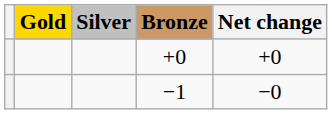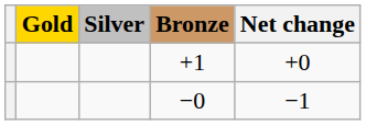 <table class="wikitable plainrowheaders sortable" style="text-align:center">
 <tr>
 <th scope="col"></th>
 <th scope="col" style="background-color:gold">Gold</th>
 <th scope="col" style="background-color:silver">Silver</th>
 <th scope="col" style="background-color:#c96">Bronze</th>
 <th scope="col">Net change</th>
 </tr>
 <tr>
 <th scope="row" style="text-align:left"></th>
 <td></td>
 <td></td>
-<td>+0</td>
+<td>+1</td>
 <td>+0</td>
 </tr>
 <tr>
 <th scope="row" style="text-align:left"></th>
 <td></td>
 <td></td>
+<td>−0</td>
 <td>−1</td>
-<td>−0</td>
 </tr>
 </table>
